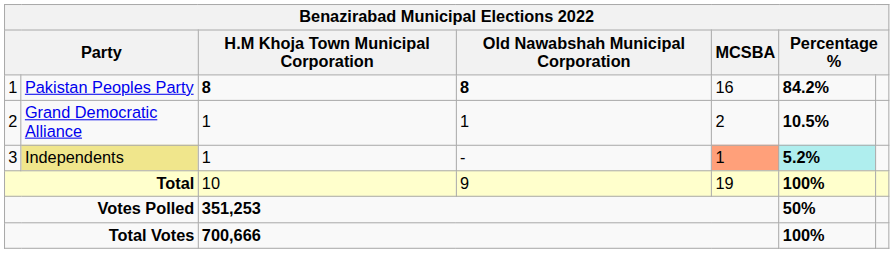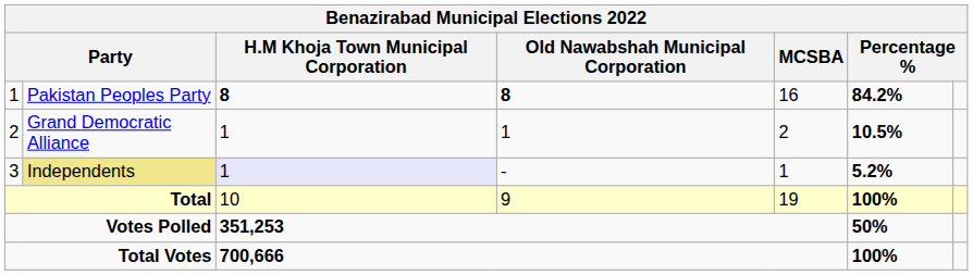 <table class="wikitable">
 <tr>
 <th colspan="7">Benazirabad Municipal Elections 2022</th>
 </tr>
 <tr>
 <th colspan="2">Party</th>
 <th>H.M Khoja Town Municipal Corporation</th>
 <th>Old Nawabshah Municipal Corporation</th>
 <th>MCSBA</th>
 <th colspan="2">Percentage %</th>
 </tr>
 <tr>
 <td>1</td>
 <td> <a href='#'>Pakistan Peoples Party</a></td>
 <td><strong>8</strong></td>
 <td><strong>8</strong></td>
 <td>16</td>
 <td><strong>84.2%</strong></td>
 <td></td>
 </tr>
 <tr>
 <td>2</td>
 <td> <a href='#'>Grand Democratic Alliance</a></td>
 <td>1</td>
 <td>1</td>
 <td>2</td>
 <td><strong>10.5%</strong></td>
 <td></td>
 </tr>
 <tr>
 <td>3</td>
 <td style="background: khaki;">Independents</td>
+<td style="background: lavender;">1</td>
+<td>-</td>
 <td>1</td>
-<td>-</td>
-<td style="background: lightsalmon;">1</td>
-<td style="background: paleturquoise;"><strong>5.2%</strong></td>
+<td><strong>5.2%</strong></td>
 <td></td>
 </tr>
 <tr style="border: 1px solid black; background: #ffffcc;">
 <td colspan="2" align=right><strong>Total</strong></td>
 <td>10</td>
 <td>9</td>
 <td>19</td>
 <td><strong>100%</strong></td>
 <td></td>
 </tr>
 <tr>
 <td colspan="2" align=right><strong>Votes Polled</strong></td>
 <td colspan="3"><strong>351,253</strong></td>
 <td><strong>50%</strong></td>
 <td></td>
 </tr>
 <tr>
 <td colspan="2" align=right><strong>Total Votes</strong></td>
 <td colspan="3"><strong>700,666</strong></td>
 <td><strong>100%</strong></td>
 <td></td>
 </tr>
 </table>
